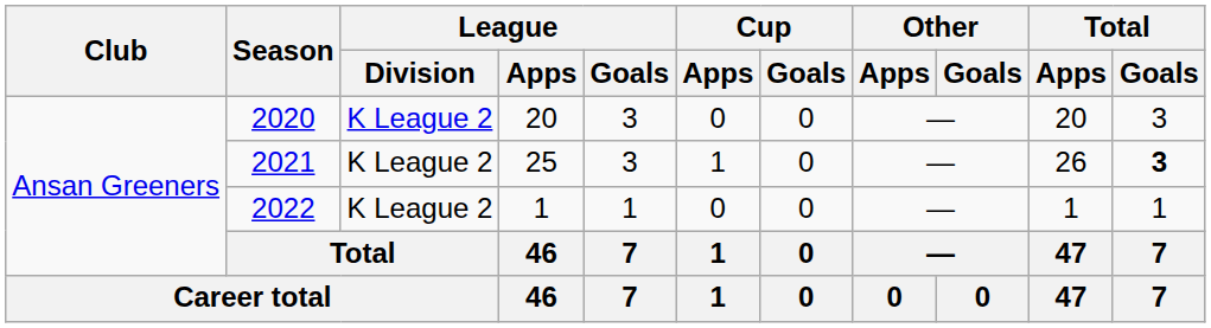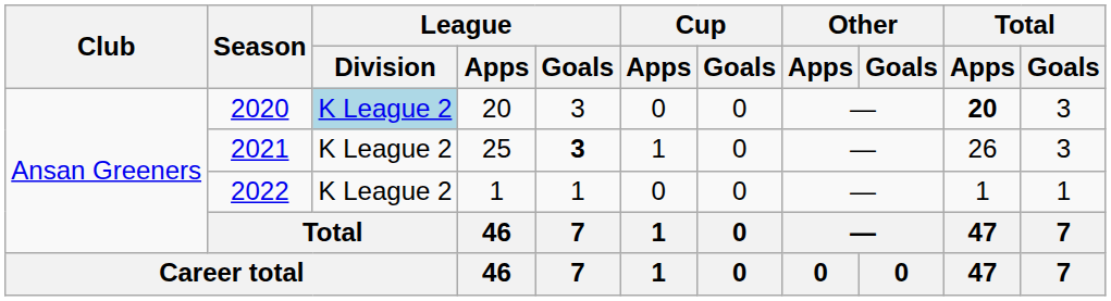 <table class="wikitable" style="text-align: center">
 <tr>
 <th rowspan="2">Club</th>
 <th rowspan="2">Season</th>
 <th colspan="3">League</th>
 <th colspan="2">Cup</th>
 <th colspan="2">Other</th>
 <th colspan="2">Total</th>
 </tr>
 <tr>
 <th>Division</th>
 <th>Apps</th>
 <th>Goals</th>
 <th>Apps</th>
 <th>Goals</th>
 <th>Apps</th>
 <th>Goals</th>
 <th>Apps</th>
 <th>Goals</th>
 </tr>
 <tr>
 <td rowspan="4"><a href='#'>Ansan Greeners</a></td>
 <td><a href='#'>2020</a></td>
-<td><a href='#'>K League 2</a></td>
+<td style="background: lightblue;"><a href='#'>K League 2</a></td>
 <td>20</td>
 <td>3</td>
 <td>0</td>
 <td>0</td>
 <td colspan="2">—</td>
-<td>20</td>
+<td><strong>20</strong></td>
 <td>3</td>
 </tr>
 <tr>
 <td><a href='#'>2021</a></td>
 <td>K League 2</td>
 <td>25</td>
-<td>3</td>
+<td><strong>3</strong></td>
 <td>1</td>
 <td>0</td>
 <td colspan="2">—</td>
 <td>26</td>
-<td><strong>3</strong></td>
+<td>3</td>
 </tr>
 <tr>
 <td><a href='#'>2022</a></td>
 <td>K League 2</td>
 <td>1</td>
 <td>1</td>
 <td>0</td>
 <td>0</td>
 <td colspan="2">—</td>
 <td>1</td>
 <td>1</td>
 </tr>
 <tr>
 <th colspan="2">Total</th>
 <th>46</th>
 <th>7</th>
 <th>1</th>
 <th>0</th>
 <th colspan="2">—</th>
 <th>47</th>
 <th>7</th>
 </tr>
 <tr>
 <th colspan=3>Career total</th>
 <th>46</th>
 <th>7</th>
 <th>1</th>
 <th>0</th>
 <th>0</th>
 <th>0</th>
 <th>47</th>
 <th>7</th>
 </tr>
 </table>
